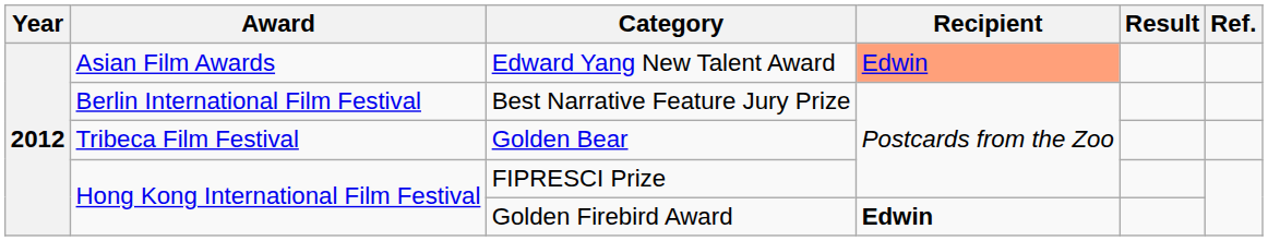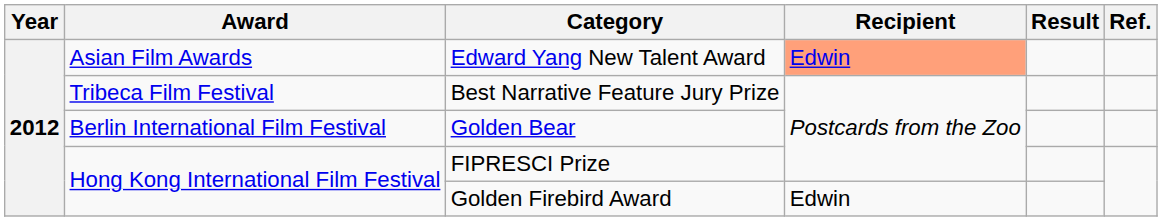 <table class="wikitable sortable">
 <tr>
 <th>Year</th>
 <th>Award</th>
 <th>Category</th>
 <th>Recipient</th>
 <th>Result</th>
 <th>Ref.</th>
 </tr>
 <tr>
 <th rowspan="5">2012</th>
 <td><a href='#'>Asian Film Awards</a></td>
 <td><a href='#'>Edward Yang</a> New Talent Award</td>
 <td style="background: lightsalmon;"><a href='#'>Edwin</a></td>
 <td></td>
 <td></td>
 </tr>
 <tr>
-<td><a href='#'>Berlin International Film Festival</a></td>
+<td><a href='#'>Tribeca Film Festival</a></td>
 <td>Best Narrative Feature Jury Prize</td>
 <td rowspan="3"><em>Postcards from the Zoo</em></td>
 <td></td>
 <td></td>
 </tr>
 <tr>
-<td><a href='#'>Tribeca Film Festival</a></td>
+<td><a href='#'>Berlin International Film Festival</a></td>
 <td><a href='#'>Golden Bear</a></td>
 <td></td>
 </tr>
 <tr>
 <td rowspan="2"><a href='#'>Hong Kong International Film Festival</a></td>
 <td>FIPRESCI Prize</td>
 <td></td>
 <td rowspan="2"></td>
 </tr>
 <tr>
 <td>Golden Firebird Award</td>
-<td><strong>Edwin</strong></td>
+<td>Edwin</td>
 <td></td>
 </tr>
 </table>
